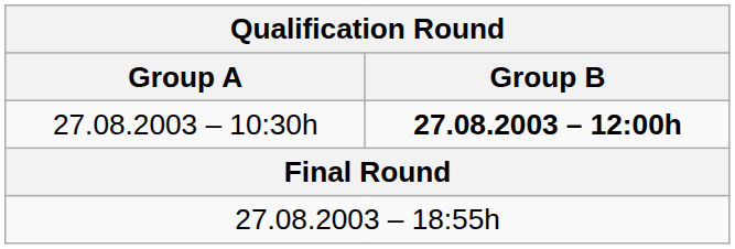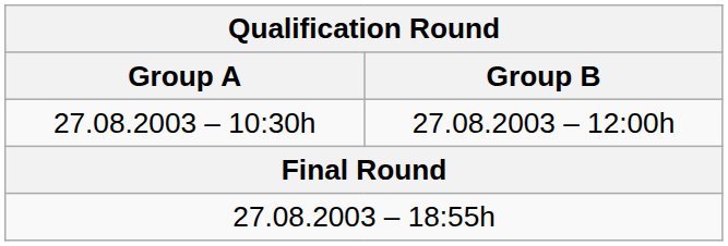 <table class="wikitable" style=" text-align:center; font-size:110%;" width="35%">
 <tr>
 <th colspan="2">Qualification Round</th>
 </tr>
 <tr>
 <th>Group A</th>
 <th>Group B</th>
 </tr>
 <tr>
 <td>27.08.2003 – 10:30h</td>
-<td><strong>27.08.2003 – 12:00h</strong></td>
+<td>27.08.2003 – 12:00h</td>
 </tr>
 <tr>
 <th colspan="2">Final Round</th>
 </tr>
 <tr>
 <td colspan="2">27.08.2003 – 18:55h</td>
 </tr>
 </table>
